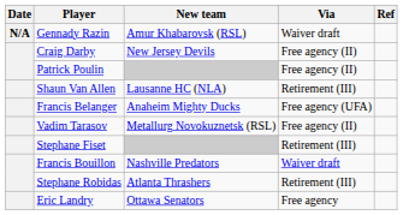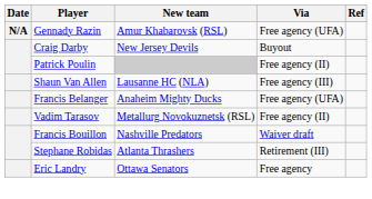 <table class="wikitable plainrowheaders">
 <tr style="background:#ddd; text-align:center;">
 <th>Date</th>
 <th>Player</th>
 <th>New team</th>
 <th>Via</th>
 <th>Ref</th>
 </tr>
 <tr>
 <th scope="row">N/A</th>
 <td><a href='#'>Gennady Razin</a></td>
 <td><a href='#'>Amur Khabarovsk</a> (<a href='#'>RSL</a>)</td>
-<td>Waiver draft</td>
+<td>Free agency (UFA)</td>
 <td></td>
 </tr>
 <tr>
 <th scope="row" rowspan=2></th>
 <td><a href='#'>Craig Darby</a></td>
 <td><a href='#'>New Jersey Devils</a></td>
-<td>Free agency (II)</td>
+<td>Buyout</td>
 <td></td>
 </tr>
 <tr>
 <td><a href='#'>Patrick Poulin</a></td>
 <td style="background:#ccc"></td>
 <td>Free agency (II)</td>
 <td></td>
 </tr>
 <tr>
 <th scope="row"></th>
 <td><a href='#'>Shaun Van Allen</a></td>
 <td><a href='#'>Lausanne HC</a> (<a href='#'>NLA</a>)</td>
-<td>Retirement (III)</td>
+<td>Free agency (III)</td>
 <td></td>
 </tr>
 <tr>
 <th scope="row"></th>
 <td><a href='#'>Francis Belanger</a></td>
 <td><a href='#'>Anaheim Mighty Ducks</a></td>
 <td>Free agency (UFA)</td>
 <td></td>
 </tr>
 <tr>
 <th scope="row"></th>
 <td><a href='#'>Vadim Tarasov</a></td>
 <td><a href='#'>Metallurg Novokuznetsk</a> (RSL)</td>
 <td>Free agency (II)</td>
-<td></td>
-</tr>
-<tr>
-<th scope="row"></th>
-<td><a href='#'>Stephane Fiset</a></td>
-<td style="background:#ccc"></td>
-<td>Retirement (III)</td>
 <td></td>
 </tr>
 <tr>
 <th scope="row" rowspan=2></th>
 <td><a href='#'>Francis Bouillon</a></td>
 <td><a href='#'>Nashville Predators</a></td>
 <td><a href='#'>Waiver draft</a></td>
 <td></td>
 </tr>
 <tr>
 <td><a href='#'>Stephane Robidas</a></td>
 <td><a href='#'>Atlanta Thrashers</a></td>
 <td>Retirement (III)</td>
 <td></td>
 </tr>
 <tr>
 <th scope="row"></th>
 <td><a href='#'>Eric Landry</a></td>
 <td><a href='#'>Ottawa Senators</a></td>
 <td>Free agency</td>
 <td></td>
 </tr>
 </table>
